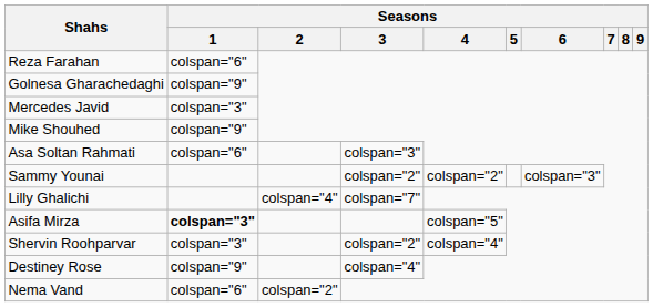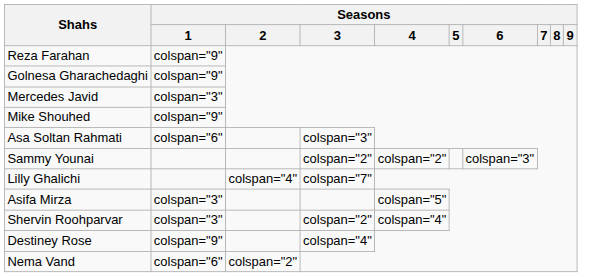 <table class="wikitable plainrowheaders" style="width:70%;">
 <tr>
 <th scope="col" rowspan="2" style="width:17%;">Shahs</th>
 <th scope="col" colspan="10">Seasons</th>
 </tr>
 <tr>
 <th scope="col" style="width:7%;">1</th>
 <th scope="col" style="width:7%;">2</th>
 <th scope="col" style="width:7%;">3</th>
 <th scope="col" style="width:7%;">4</th>
 <th scope="col" style="width:7%;">5</th>
 <th scope="col" style="width:7%;">6</th>
 <th scope="col" style="width:7%;">7</th>
 <th scope="col" style="width:7%;">8</th>
 <th scope="col" style="width:7%;">9</th>
 </tr>
 <tr>
 <td scope="row">Reza Farahan</td>
-<td>colspan="6" </td>
+<td>colspan="9" </td>
 </tr>
 <tr>
 <td nowrap>Golnesa Gharachedaghi</td>
 <td>colspan="9" </td>
 </tr>
 <tr>
 <td scope="row">Mercedes Javid</td>
 <td>colspan="3" </td>
 </tr>
 <tr>
 <td scope="row">Mike Shouhed</td>
 <td>colspan="9" </td>
 </tr>
 <tr>
 <td scope="row">Asa Soltan Rahmati</td>
 <td>colspan="6" </td>
 <td></td>
 <td>colspan="3" </td>
 </tr>
 <tr>
 <td scope="row">Sammy Younai</td>
 <td></td>
 <td></td>
 <td>colspan="2" </td>
 <td>colspan="2" </td>
 <td></td>
 <td>colspan="3" </td>
 </tr>
 <tr>
 <td scope="row">Lilly Ghalichi</td>
 <td></td>
 <td>colspan="4" </td>
 <td>colspan="7" </td>
 </tr>
 <tr>
 <td scope="row">Asifa Mirza</td>
-<td><strong>colspan="3" </strong></td>
+<td>colspan="3" </td>
 <td></td>
 <td></td>
 <td>colspan="5" </td>
 </tr>
 <tr>
 <td scope="row">Shervin Roohparvar</td>
 <td>colspan="3" </td>
 <td></td>
 <td>colspan="2" </td>
 <td>colspan="4" </td>
 </tr>
 <tr>
 <td scope="row">Destiney Rose</td>
 <td>colspan="9" </td>
 <td></td>
 <td>colspan="4" </td>
 </tr>
 <tr>
 <td scope="row">Nema Vand</td>
 <td>colspan="6" </td>
 <td>colspan="2" </td>
 </tr>
 </table>
